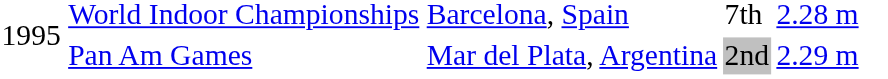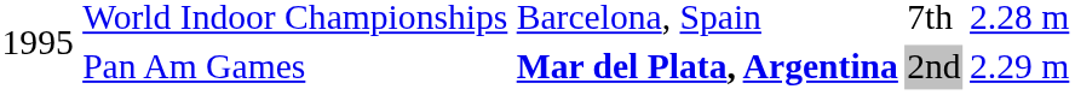 <table>
 <tr>
 <td rowspan=2>1995</td>
 <td><a href='#'>World Indoor Championships</a></td>
 <td><a href='#'>Barcelona</a>, <a href='#'>Spain</a></td>
 <td>7th</td>
 <td><a href='#'>2.28 m</a></td>
 </tr>
 <tr>
 <td><a href='#'>Pan Am Games</a></td>
-<td><a href='#'>Mar del Plata</a>, <a href='#'>Argentina</a></td>
+<td><strong><a href='#'>Mar del Plata</a>, <a href='#'>Argentina</a></strong></td>
 <td bgcolor="silver">2nd</td>
 <td><a href='#'>2.29 m</a></td>
 </tr>
 <tr>
 </tr>
 </table>
